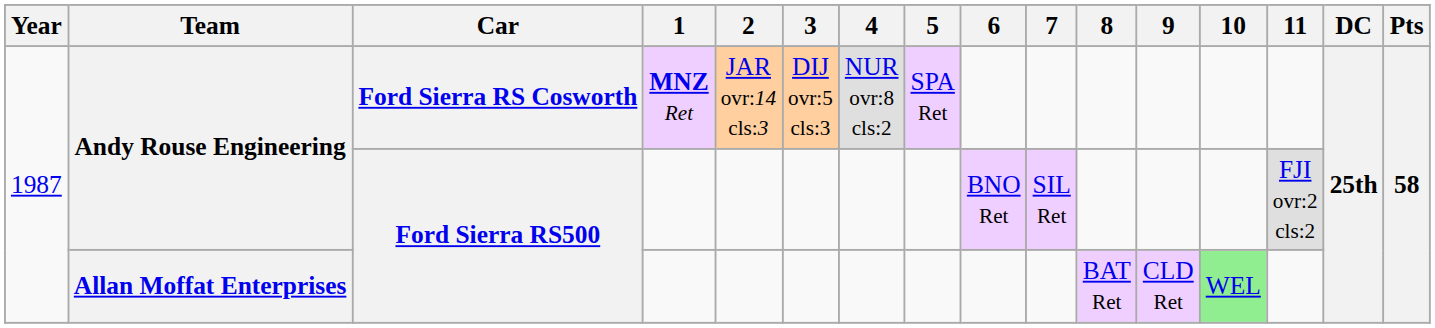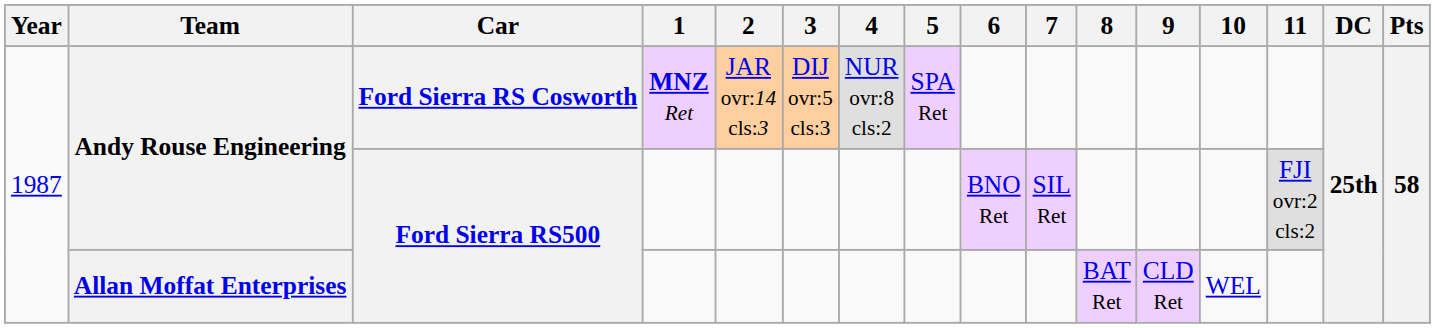 <table class="wikitable" style="text-align:center; font-size:85%">
 <tr>
 <th>Year</th>
 <th>Team</th>
 <th>Car</th>
 <th>1</th>
 <th>2</th>
 <th>3</th>
 <th>4</th>
 <th>5</th>
 <th>6</th>
 <th>7</th>
 <th>8</th>
 <th>9</th>
 <th>10</th>
 <th>11</th>
 <th>DC</th>
 <th>Pts</th>
 </tr>
 <tr>
 <td rowspan=3><a href='#'>1987</a></td>
 <th rowspan=2 nowrap> Andy Rouse Engineering</th>
 <th nowrap><a href='#'>Ford Sierra RS Cosworth</a></th>
 <td style="background:#efcfff;"><strong><a href='#'>MNZ</a></strong><br><small><em>Ret</em></small></td>
 <td style="background:#ffcf9f;"><a href='#'>JAR</a><br><small>ovr:<em>14</em><br>cls:<em>3</em></small></td>
 <td style="background:#ffcf9f;"><a href='#'>DIJ</a><br><small>ovr:5<br>cls:3</small></td>
 <td style="background:#dfdfdf;"><a href='#'>NUR</a><br><small>ovr:8<br>cls:2</small></td>
 <td style="background:#efcfff;"><a href='#'>SPA</a><br><small>Ret</small></td>
 <td></td>
 <td></td>
 <td></td>
 <td></td>
 <td></td>
 <td></td>
 <th rowspan=3>25th</th>
 <th rowspan=3>58</th>
 </tr>
 <tr>
 <th rowspan=2 nowrap><a href='#'>Ford Sierra RS500</a></th>
 <td></td>
 <td></td>
 <td></td>
 <td></td>
 <td></td>
 <td style="background:#efcfff;"><a href='#'>BNO</a><br><small>Ret</small></td>
 <td style="background:#efcfff;"><a href='#'>SIL</a><br><small>Ret</small></td>
 <td></td>
 <td></td>
 <td></td>
 <td style="background:#dfdfdf;"><a href='#'>FJI</a><br><small>ovr:2<br>cls:2</small></td>
 </tr>
 <tr>
 <th nowrap> <a href='#'>Allan Moffat Enterprises</a></th>
 <td></td>
 <td></td>
 <td></td>
 <td></td>
 <td></td>
 <td></td>
 <td></td>
 <td style="background:#efcfff;"><a href='#'>BAT</a><br><small>Ret</small></td>
 <td style="background:#efcfff;"><a href='#'>CLD</a><br><small>Ret</small></td>
-<td style="background: lightgreen;"><a href='#'>WEL</a></td>
+<td><a href='#'>WEL</a></td>
 <td></td>
 </tr>
 </table>
